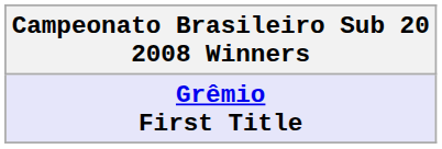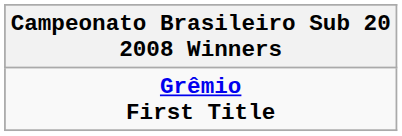 <table class="wikitable" style="text-align: center; margin: 0 auto;">
 <tr>
 <th>Campeonato Brasileiro Sub 20<br>2008 Winners</th>
 </tr>
 <tr>
-<td style="background: lavender;"><strong><a href='#'>Grêmio</a></strong><br><strong>First Title</strong></td>
+<td><strong><a href='#'>Grêmio</a></strong><br><strong>First Title</strong></td>
 </tr>
 </table>
